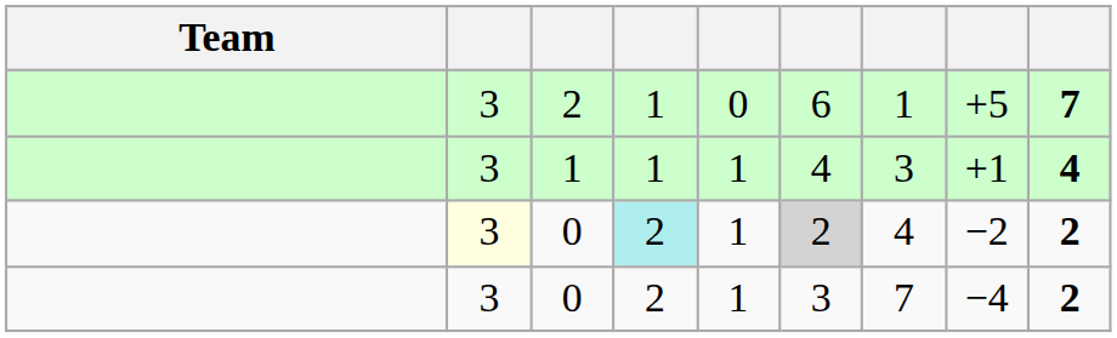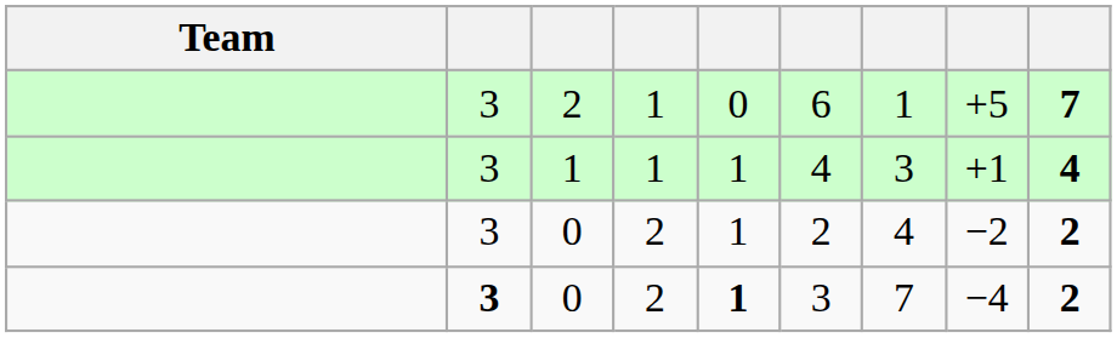 <table class="wikitable" style="text-align:center">
 <tr>
 <th width="165">Team</th>
 <th width=25></th>
 <th width=25></th>
 <th width=25></th>
 <th width=25></th>
 <th width=25></th>
 <th width=25></th>
 <th width=25></th>
 <th width=25></th>
 </tr>
 <tr bgcolor=#ccffcc>
 <td align="left"></td>
 <td>3</td>
 <td>2</td>
 <td>1</td>
 <td>0</td>
 <td>6</td>
 <td>1</td>
 <td>+5</td>
 <td><strong>7</strong></td>
 </tr>
 <tr bgcolor=#ccffcc>
 <td align="left"></td>
 <td>3</td>
 <td>1</td>
 <td>1</td>
 <td>1</td>
 <td>4</td>
 <td>3</td>
 <td>+1</td>
 <td><strong>4</strong></td>
 </tr>
 <tr>
 <td align="left"></td>
-<td style="background: lightyellow;">3</td>
+<td>3</td>
 <td>0</td>
-<td style="background: paleturquoise;">2</td>
+<td>2</td>
 <td>1</td>
-<td style="background: lightgrey;">2</td>
+<td>2</td>
 <td>4</td>
 <td>−2</td>
 <td><strong>2</strong></td>
 </tr>
 <tr>
 <td align="left"></td>
-<td>3</td>
+<td><strong>3</strong></td>
 <td>0</td>
 <td>2</td>
-<td>1</td>
+<td><strong>1</strong></td>
 <td>3</td>
 <td>7</td>
 <td>−4</td>
 <td><strong>2</strong></td>
 </tr>
 </table>
